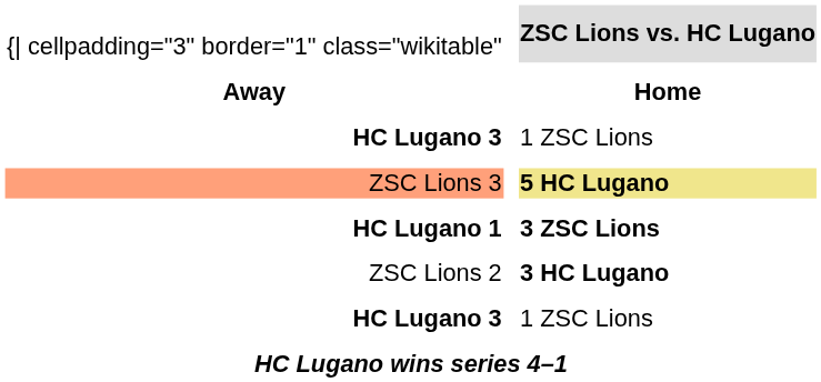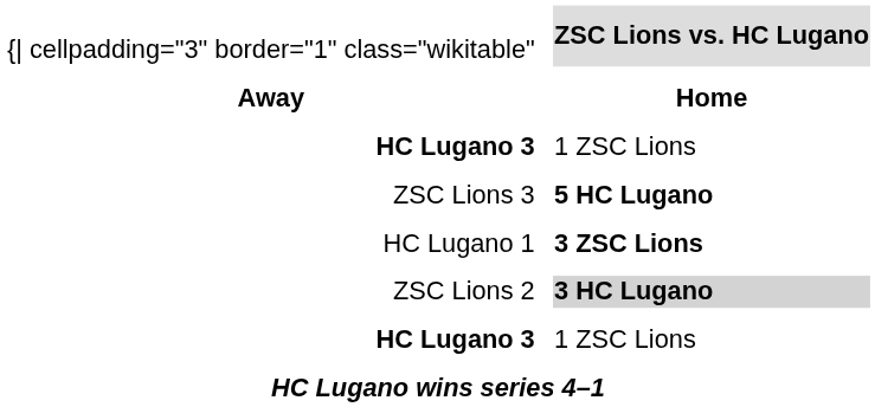 <table cellspacing="10">
 <tr>
 <td valign="top"><br>	{| cellpadding="3" border="1"  class="wikitable"</td>
 <th bgcolor="#DDDDDD" colspan="4">ZSC Lions vs. HC Lugano</th>
 </tr>
 <tr>
 <th>Away</th>
 <th>Home</th>
 </tr>
 <tr>
 <td align = "right"><strong>HC Lugano 3</strong></td>
 <td>1 ZSC Lions</td>
 </tr>
 <tr>
-<td align = "right" style="background: lightsalmon;">ZSC Lions 3</td>
-<td style="background: khaki;"><strong>5 HC Lugano</strong></td>
+<td align = "right">ZSC Lions 3</td>
+<td><strong>5 HC Lugano</strong></td>
 </tr>
 <tr>
-<td align = "right"><strong>HC Lugano 1</strong></td>
+<td align = "right">HC Lugano 1</td>
 <td><strong>3 ZSC Lions</strong></td>
 </tr>
 <tr>
 <td align = "right">ZSC Lions 2</td>
-<td><strong>3 HC Lugano</strong></td>
+<td style="background: lightgrey;"><strong>3 HC Lugano</strong></td>
 </tr>
 <tr>
 <td align = "right"><strong>HC Lugano 3</strong></td>
 <td>1 ZSC Lions</td>
 </tr>
 <tr align="center">
 <td colspan="4"><strong><em>HC Lugano wins series 4–1</em></strong></td>
 </tr>
 </table>
